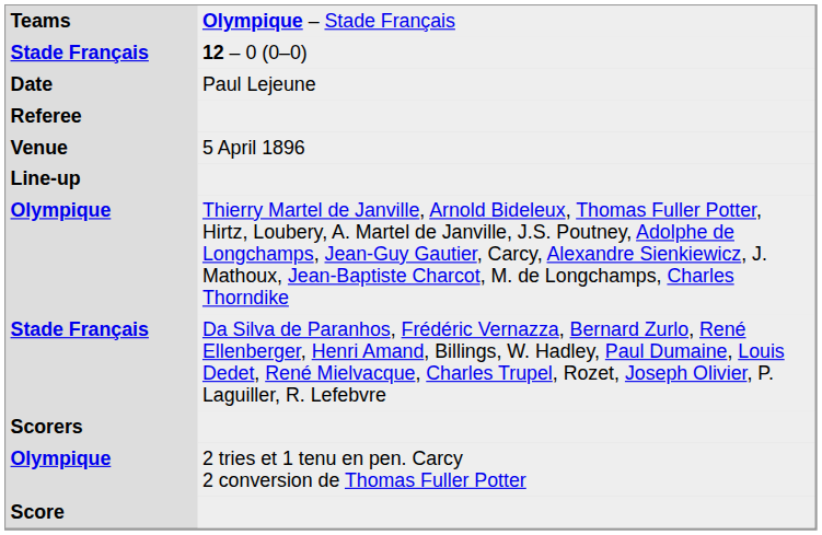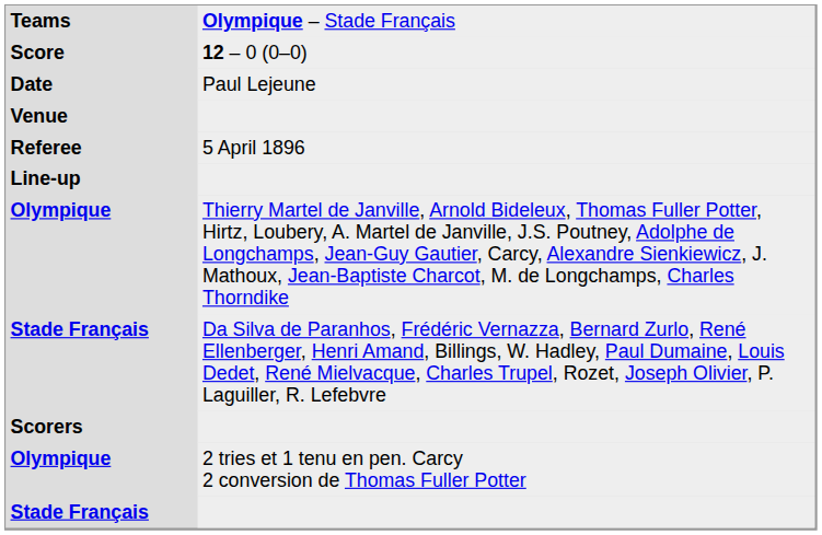 <table align="left" cellpadding="4" cellspacing="0"  style="margin: 0 0 0 0; border: 1px solid #999; border-right-width: 2px; border-bottom-width: 2px; background-color: #DDDDDD">
 <tr>
 <td width="150" valign="top"><strong>Teams</strong></td>
 <td width="500" bgcolor=#EEEEEE><strong><a href='#'>Olympique</a></strong> – <a href='#'>Stade Français</a></td>
 </tr>
 <tr>
-<td valign="top"><strong><a href='#'>Stade Français</a> </strong></td>
+<td valign="top"><strong>Score</strong></td>
 <td bgcolor=#EEEEEE><strong>12</strong> – 0 (0–0)</td>
 </tr>
 <tr>
 <td valign="top"><strong>Date</strong></td>
 <td bgcolor=#EEEEEE>Paul Lejeune</td>
 </tr>
 <tr>
-<td valign="top"><strong>Referee</strong></td>
+<td valign="top"><strong>Venue</strong></td>
 <td bgcolor=#EEEEEE></td>
 </tr>
 <tr>
-<td valign="top"><strong>Venue</strong></td>
+<td valign="top"><strong>Referee</strong></td>
 <td bgcolor=#EEEEEE>5 April 1896</td>
 </tr>
 <tr>
 <td valign="top"><strong>Line-up</strong></td>
 <td bgcolor=#EEEEEE></td>
 </tr>
 <tr>
 <td valign="top"><strong><a href='#'>Olympique</a></strong></td>
 <td bgcolor=#EEEEEE><a href='#'>Thierry Martel de Janville</a>, <a href='#'>Arnold Bideleux</a>, <a href='#'>Thomas Fuller Potter</a>, Hirtz, Loubery, A. Martel de Janville, J.S. Poutney, <a href='#'>Adolphe de Longchamps</a>, <a href='#'>Jean-Guy Gautier</a>, Carcy, <a href='#'>Alexandre Sienkiewicz</a>, J. Mathoux, <a href='#'>Jean-Baptiste Charcot</a>, M. de Longchamps, <a href='#'>Charles Thorndike</a></td>
 </tr>
 <tr>
 <td valign="top"><strong><a href='#'>Stade Français</a> </strong></td>
 <td bgcolor=#EEEEEE><a href='#'>Da Silva de Paranhos</a>, <a href='#'>Frédéric Vernazza</a>, <a href='#'>Bernard Zurlo</a>, <a href='#'>René Ellenberger</a>, <a href='#'>Henri Amand</a>, Billings, W. Hadley, <a href='#'>Paul Dumaine</a>, <a href='#'>Louis Dedet</a>, <a href='#'>René Mielvacque</a>, <a href='#'>Charles Trupel</a>, Rozet, <a href='#'>Joseph Olivier</a>, P. Laguiller, R. Lefebvre</td>
 </tr>
 <tr>
 <td valign="top"><strong>Scorers</strong></td>
 <td bgcolor=#EEEEEE></td>
 </tr>
 <tr>
 <td valign="top"><strong><a href='#'>Olympique</a></strong></td>
 <td bgcolor=#EEEEEE>2 tries et 1 tenu en pen. Carcy<br>2 conversion de <a href='#'>Thomas Fuller Potter</a></td>
 </tr>
 <tr>
-<td valign="top"><strong>Score</strong></td>
+<td valign="top"><strong><a href='#'>Stade Français</a> </strong></td>
 <td bgcolor=#EEEEEE></td>
 </tr>
 </table>
